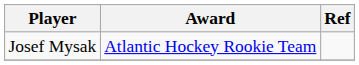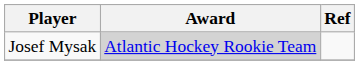 <table class="wikitable">
 <tr>
 <th>Player</th>
 <th>Award</th>
 <th>Ref</th>
 </tr>
 <tr>
 <td>Josef Mysak</td>
-<td><a href='#'>Atlantic Hockey Rookie Team</a></td>
+<td style="background: lightgrey;"><a href='#'>Atlantic Hockey Rookie Team</a></td>
 <td></td>
 </tr>
 <tr>
 </tr>
 </table>
